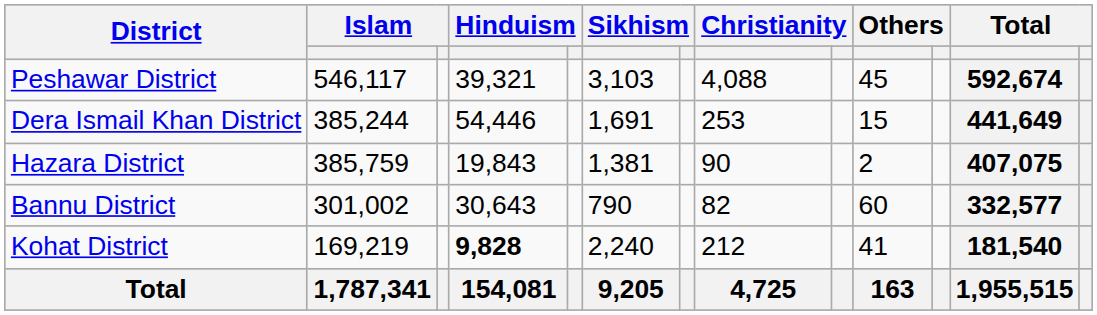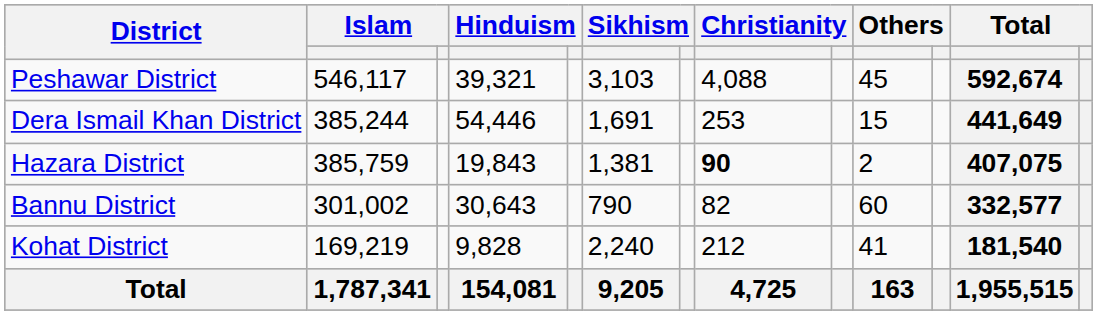 <table class="wikitable sortable">
 <tr>
 <th rowspan="2"><a href='#'>District</a></th>
 <th colspan="2"><a href='#'>Islam</a> </th>
 <th colspan="2"><a href='#'>Hinduism</a> </th>
 <th colspan="2"><a href='#'>Sikhism</a> </th>
 <th colspan="2"><a href='#'>Christianity</a> </th>
 <th colspan="2">Others</th>
 <th colspan="2">Total</th>
 </tr>
 <tr>
 <th><a href='#'></a></th>
 <th></th>
 <th></th>
 <th></th>
 <th></th>
 <th></th>
 <th></th>
 <th></th>
 <th></th>
 <th></th>
 <th></th>
 <th></th>
 </tr>
 <tr>
 <td><a href='#'>Peshawar District</a></td>
 <td>546,117</td>
 <td></td>
 <td>39,321</td>
 <td></td>
 <td>3,103</td>
 <td></td>
 <td>4,088</td>
 <td></td>
 <td>45</td>
 <td></td>
 <th>592,674</th>
 <th></th>
 </tr>
 <tr>
 <td><a href='#'>Dera Ismail Khan District</a></td>
 <td>385,244</td>
 <td></td>
 <td>54,446</td>
 <td></td>
 <td>1,691</td>
 <td></td>
 <td>253</td>
 <td></td>
 <td>15</td>
 <td></td>
 <th>441,649</th>
 <th></th>
 </tr>
 <tr>
 <td><a href='#'>Hazara District</a></td>
 <td>385,759</td>
 <td></td>
 <td>19,843</td>
 <td></td>
 <td>1,381</td>
 <td></td>
-<td>90</td>
+<td><strong>90</strong></td>
 <td></td>
 <td>2</td>
 <td></td>
 <th>407,075</th>
 <th></th>
 </tr>
 <tr>
 <td><a href='#'>Bannu District</a></td>
 <td>301,002</td>
 <td></td>
 <td>30,643</td>
 <td></td>
 <td>790</td>
 <td></td>
 <td>82</td>
 <td></td>
 <td>60</td>
 <td></td>
 <th>332,577</th>
 <th></th>
 </tr>
 <tr>
 <td><a href='#'>Kohat District</a></td>
 <td>169,219</td>
 <td></td>
-<td><strong>9,828</strong></td>
+<td>9,828</td>
 <td></td>
 <td>2,240</td>
 <td></td>
 <td>212</td>
 <td></td>
 <td>41</td>
 <td></td>
 <th>181,540</th>
 <th></th>
 </tr>
 <tr>
 <th>Total</th>
 <th>1,787,341</th>
 <th></th>
 <th>154,081</th>
 <th></th>
 <th>9,205</th>
 <th></th>
 <th>4,725</th>
 <th></th>
 <th>163</th>
 <th></th>
 <th>1,955,515</th>
 <th></th>
 </tr>
 </table>
